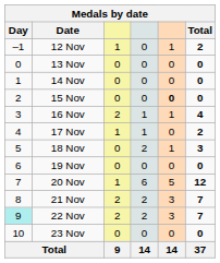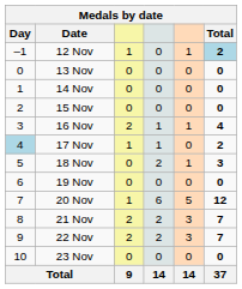 <table class="wikitable" style="font-size:90%; text-align:center;">
 <tr style="background:#efefef;">
 <th colspan=6><strong>Medals by date</strong></th>
 </tr>
 <tr>
 <th width=30><strong>Day</strong></th>
 <th width=90><strong>Date</strong></th>
 <th width=30 style="background:#F7F6A8;"></th>
 <th width=30 style="background:#DCE5E5;"></th>
 <th width=30 style="background:#FFDAB9;"></th>
 <th width=30><strong>Total</strong></th>
 </tr>
 <tr>
 <td>–1</td>
 <td>12 Nov</td>
 <td style="background:#F7F6A8;">1</td>
 <td style="background:#DCE5E5;">0</td>
 <td style="background:#FFDAB9;">1</td>
-<td><strong>2</strong></td>
+<td style="background: lightblue;"><strong>2</strong></td>
 </tr>
 <tr>
 <td>0</td>
 <td>13 Nov</td>
 <td style="background:#F7F6A8;">0</td>
 <td style="background:#DCE5E5;">0</td>
 <td style="background:#FFDAB9;">0</td>
 <td><strong>0</strong></td>
 </tr>
 <tr>
 <td>1</td>
 <td>14 Nov</td>
 <td style="background:#F7F6A8;">0</td>
 <td style="background:#DCE5E5;">0</td>
 <td style="background:#FFDAB9;">0</td>
 <td><strong>0</strong></td>
 </tr>
 <tr>
 <td>2</td>
 <td>15 Nov</td>
 <td style="background:#F7F6A8;">0</td>
 <td style="background:#DCE5E5;">0</td>
-<td style="background:#FFDAB9;"><strong>0</strong></td>
+<td style="background:#FFDAB9;">0</td>
 <td><strong>0</strong></td>
 </tr>
 <tr>
 <td>3</td>
 <td>16 Nov</td>
 <td style="background:#F7F6A8;">2</td>
 <td style="background:#DCE5E5;">1</td>
 <td style="background:#FFDAB9;">1</td>
 <td><strong>4</strong></td>
 </tr>
 <tr>
-<td>4</td>
+<td style="background: lightblue;">4</td>
 <td>17 Nov</td>
 <td style="background:#F7F6A8;">1</td>
 <td style="background:#DCE5E5;">1</td>
 <td style="background:#FFDAB9;">0</td>
 <td><strong>2</strong></td>
 </tr>
 <tr>
 <td>5</td>
 <td>18 Nov</td>
 <td style="background:#F7F6A8;">0</td>
 <td style="background:#DCE5E5;">2</td>
 <td style="background:#FFDAB9;">1</td>
 <td><strong>3</strong></td>
 </tr>
 <tr>
 <td>6</td>
 <td>19 Nov</td>
 <td style="background:#F7F6A8;">0</td>
 <td style="background:#DCE5E5;">0</td>
 <td style="background:#FFDAB9;">0</td>
 <td><strong>0</strong></td>
 </tr>
 <tr>
 <td>7</td>
 <td>20 Nov</td>
 <td style="background:#F7F6A8;">1</td>
 <td style="background:#DCE5E5;">6</td>
 <td style="background:#FFDAB9;">5</td>
 <td><strong>12</strong></td>
 </tr>
 <tr>
 <td>8</td>
 <td>21 Nov</td>
 <td style="background:#F7F6A8;">2</td>
 <td style="background:#DCE5E5;">2</td>
 <td style="background:#FFDAB9;">3</td>
 <td><strong>7</strong></td>
 </tr>
 <tr>
-<td style="background: paleturquoise;">9</td>
+<td>9</td>
 <td>22 Nov</td>
 <td style="background:#F7F6A8;">2</td>
 <td style="background:#DCE5E5;">2</td>
 <td style="background:#FFDAB9;">3</td>
 <td><strong>7</strong></td>
 </tr>
 <tr>
 <td>10</td>
 <td>23 Nov</td>
 <td style="background:#F7F6A8;">0</td>
 <td style="background:#DCE5E5;">0</td>
 <td style="background:#FFDAB9;">0</td>
 <td><strong>0</strong></td>
 </tr>
 <tr>
 <th colspan="2"><strong>Total</strong></th>
 <th><strong>9</strong></th>
 <th><strong>14</strong></th>
 <th><strong>14</strong></th>
 <th><strong>37</strong></th>
 </tr>
 </table>
